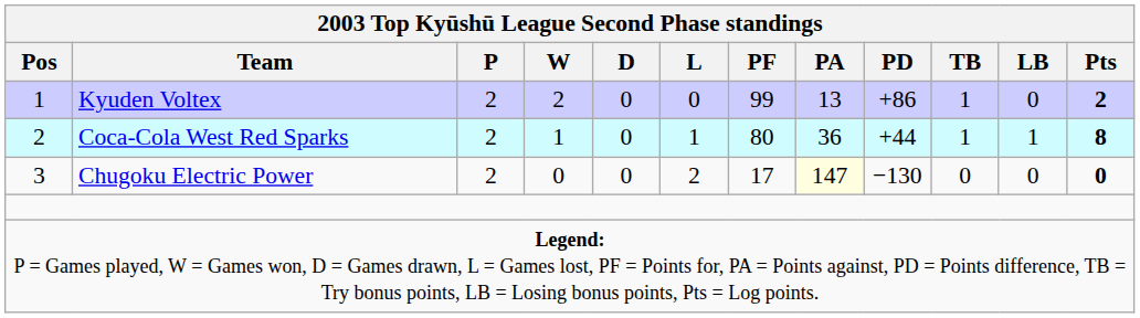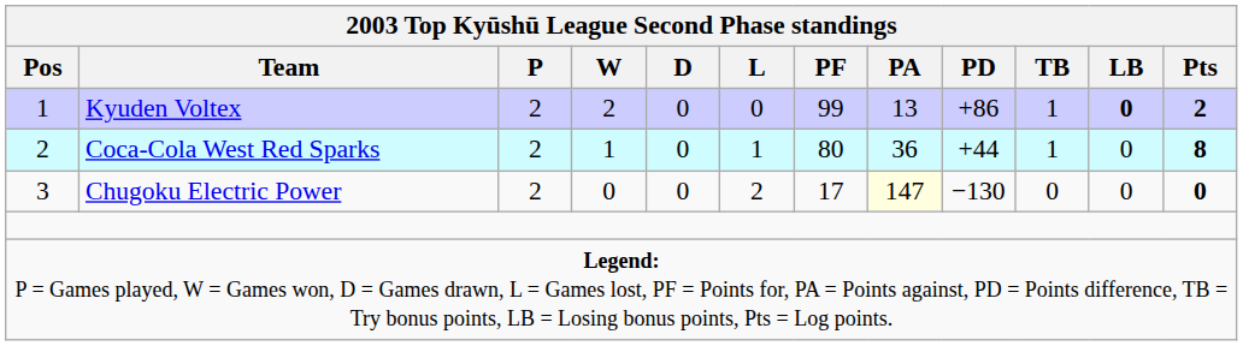 <table class="wikitable" style="text-align:center; font-size:100%; width:60%;">
 <tr>
 <th colspan="100%" cellpadding="0" cellspacing="0"><strong>2003 Top Kyūshū League Second Phase standings</strong></th>
 </tr>
 <tr>
 <th style="width:6%;">Pos</th>
 <th style="width:34%;">Team</th>
 <th style="width:6%;">P</th>
 <th style="width:6%;">W</th>
 <th style="width:6%;">D</th>
 <th style="width:6%;">L</th>
 <th style="width:6%;">PF</th>
 <th style="width:6%;">PA</th>
 <th style="width:6%;">PD</th>
 <th style="width:6%;">TB</th>
 <th style="width:6%;">LB</th>
 <th style="width:6%;">Pts<br></th>
 </tr>
 <tr style="background:#CCCCFF;">
 <td>1</td>
 <td style="text-align:left;"><a href='#'>Kyuden Voltex</a></td>
 <td>2</td>
 <td>2</td>
 <td>0</td>
 <td>0</td>
 <td>99</td>
 <td>13</td>
 <td>+86</td>
 <td>1</td>
-<td>0</td>
+<td><strong>0</strong></td>
 <td><strong>2</strong></td>
 </tr>
 <tr style="background:#CFFCFF;">
 <td>2</td>
 <td style="text-align:left;"><a href='#'>Coca-Cola West Red Sparks</a></td>
 <td>2</td>
 <td>1</td>
 <td>0</td>
 <td>1</td>
 <td>80</td>
 <td>36</td>
 <td>+44</td>
 <td>1</td>
-<td>1</td>
+<td>0</td>
 <td><strong>8</strong></td>
 </tr>
 <tr>
 <td>3</td>
 <td style="text-align:left;"><a href='#'>Chugoku Electric Power</a></td>
 <td>2</td>
 <td>0</td>
 <td>0</td>
 <td>2</td>
 <td>17</td>
 <td style="background: lightyellow;">147</td>
 <td>−130</td>
 <td>0</td>
 <td>0</td>
 <td><strong>0</strong></td>
 </tr>
 <tr>
 <td colspan="100%" style="height:10px;"></td>
 </tr>
 <tr>
 <td colspan="100%"><small><strong>Legend:</strong> <br> P = Games played, W = Games won, D = Games drawn, L = Games lost, PF = Points for, PA = Points against, PD = Points difference, TB = Try bonus points, LB = Losing bonus points, Pts = Log points.</small></td>
 </tr>
 </table>
